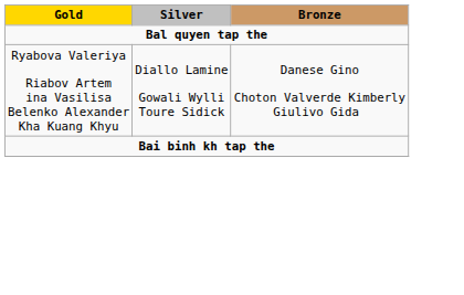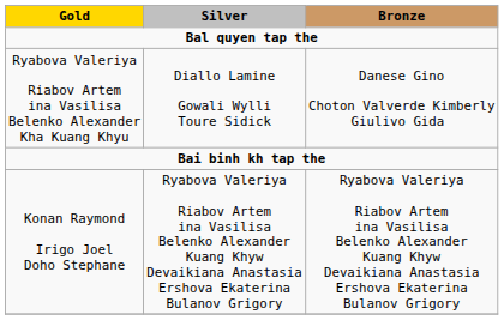 <table class="wikitable" style="text-align:center; font-size:90%;">
 <tr>
 <td style="background:gold;  font-weight:bold;">Gold</td>
 <td style="background:silver;  font-weight:bold;">Silver</td>
 <td style="background:#cc9966;  font-weight:bold;">Bronze</td>
 </tr>
 <tr>
 <td colspan="3"><strong>Bal quyen tap the</strong></td>
 </tr>
 <tr>
 <td>Ryabova Valeriya <br><br>Riabov Artem <br> ina Vasilisa <br> Belenko Alexander <br> Kha Kuang Khyu</td>
 <td>Diallo Lamine <br><br>Gowali Wylli <br> Toure Sidick</td>
 <td>Danese Gino <br><br>Choton Valverde Kimberly <br> Giulivo Gida </td>
 </tr>
 <tr>
 <td colspan="3"><strong>Bai binh kh tap the</strong></td>
 </tr>
 <tr>
+<td> Konan Raymond <br><br>Irigo Joel <br> Doho Stephane</td>
+<td> Ryabova Valeriya <br><br>Riabov Artem <br> ina Vasilisa <br> Belenko Alexander <br> Kuang Khyw <br> Devaikiana Anastasia <br> Ershova Ekaterina <br> Bulanov Grigory</td>
+<td> Ryabova Valeriya <br><br>Riabov Artem <br> ina Vasilisa <br> Belenko Alexander <br> Kuang Khyw <br> Devaikiana Anastasia <br> Ershova Ekaterina <br> Bulanov Grigory</td>
+</tr>
+<tr>
 </tr>
 </table>
